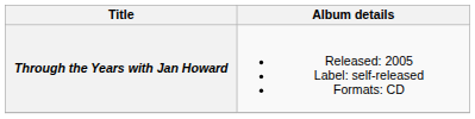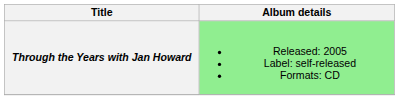 <table class="wikitable plainrowheaders" style="text-align:center;">
 <tr>
 <th scope="col" style="width:18em;">Title</th>
 <th scope="col" style="width:18em;">Album details</th>
 </tr>
 <tr>
 <th scope="row"><em>Through the Years with Jan Howard</em></th>
-<td><br><ul><li>Released: 2005</li><li>Label: self-released</li><li>Formats: CD</li></ul></td>
+<td style="background: lightgreen;"><br><ul><li>Released: 2005</li><li>Label: self-released</li><li>Formats: CD</li></ul></td>
 </tr>
 <tr>
 </tr>
 </table>
